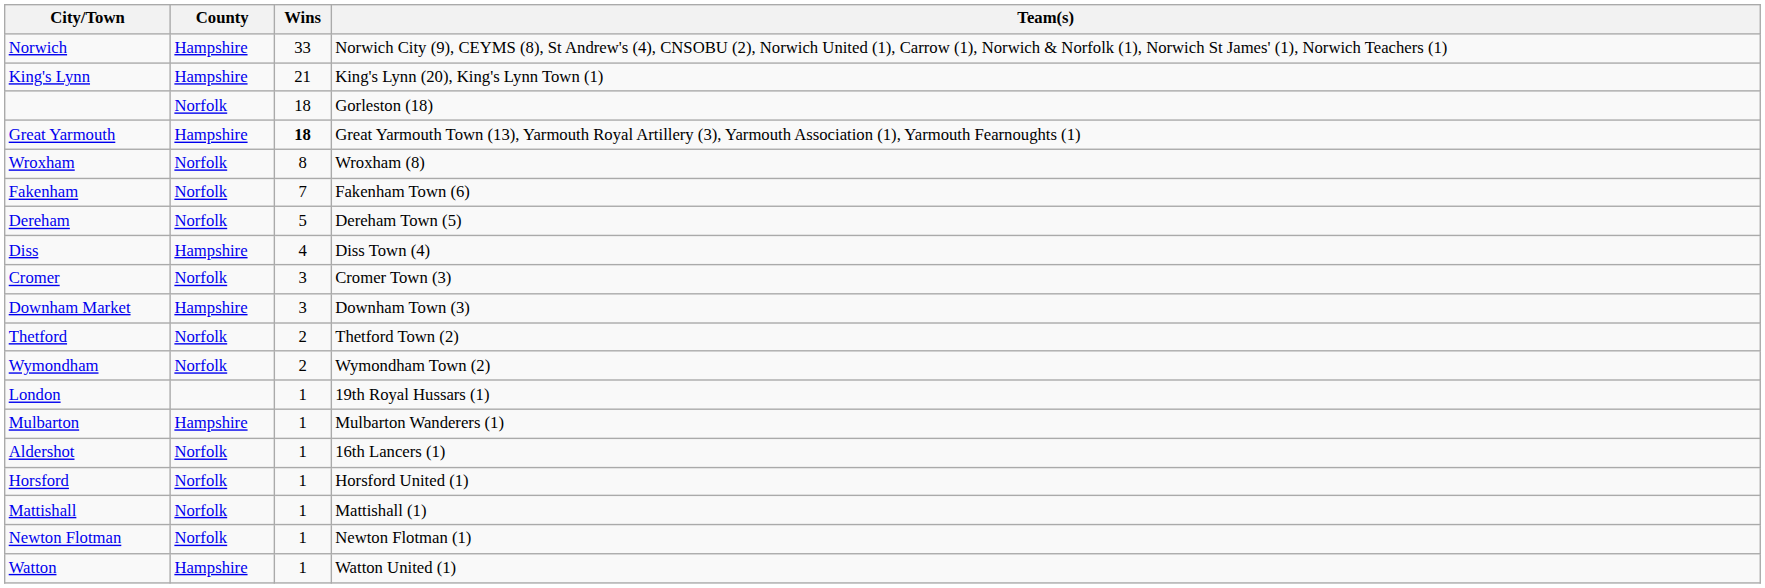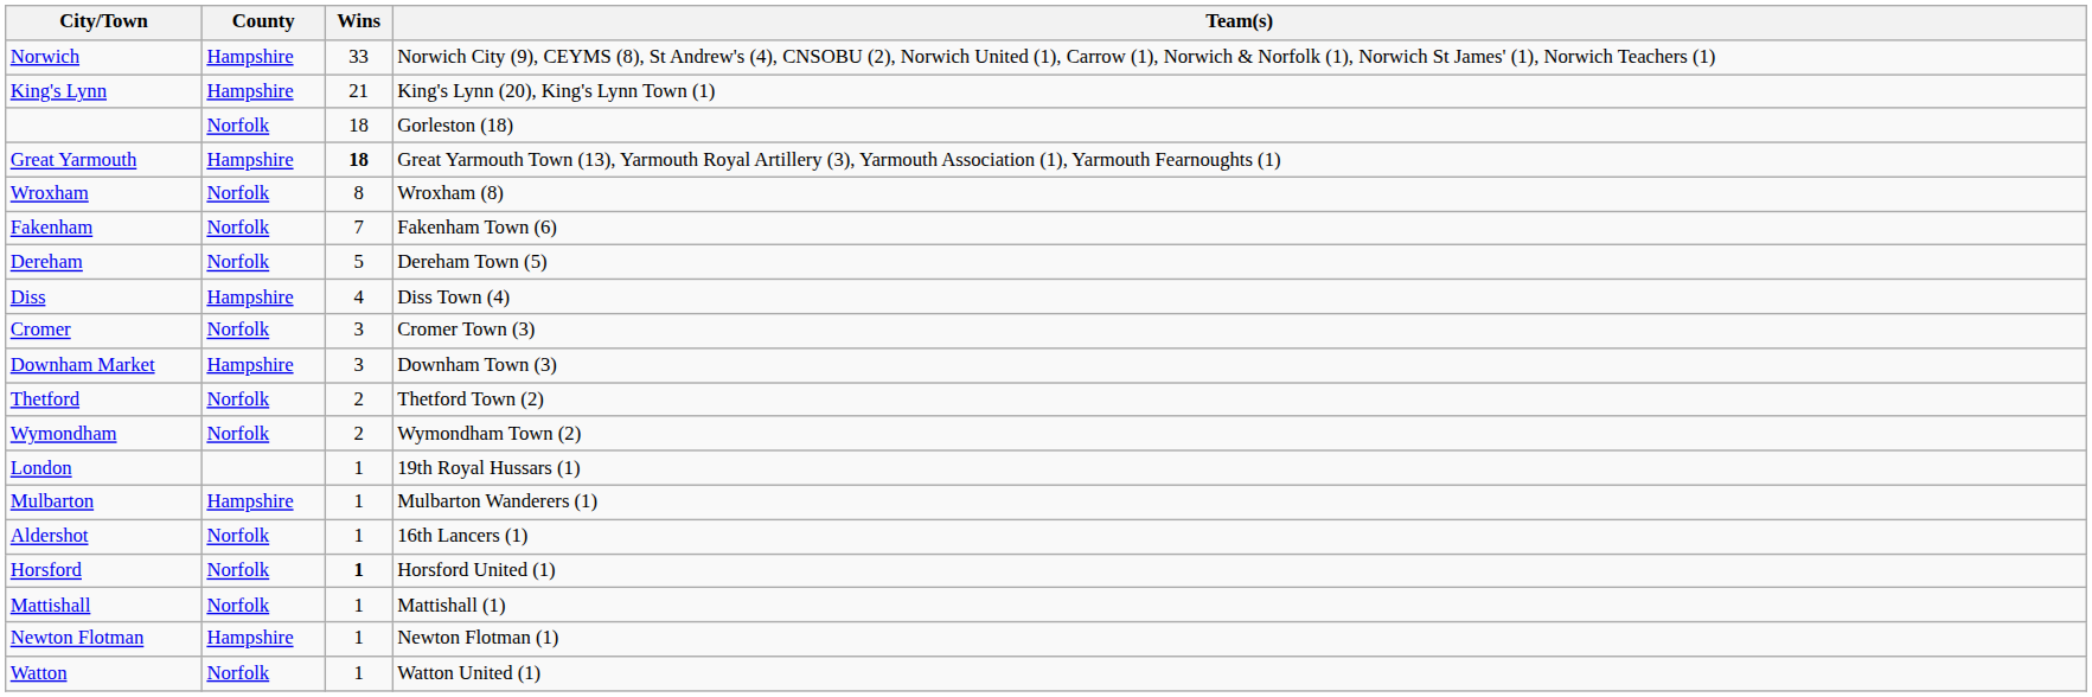 <table class="wikitable sortable" style="text-align: center; width: 100%; font-size: 12px">
 <tr>
 <th>City/Town</th>
 <th>County</th>
 <th>Wins</th>
 <th>Team(s)</th>
 </tr>
 <tr>
 <td style="text-align: left"><a href='#'>Norwich</a></td>
 <td style="text-align: left"> <a href='#'>Hampshire</a></td>
 <td>33</td>
 <td style="text-align: left">Norwich City (9), CEYMS (8), St Andrew's (4), CNSOBU (2), Norwich United (1), Carrow (1), Norwich & Norfolk (1), Norwich St James' (1), Norwich Teachers (1)</td>
 </tr>
 <tr>
 <td style="text-align: left"><a href='#'>King's Lynn</a></td>
 <td style="text-align: left"> <a href='#'>Hampshire</a></td>
 <td>21</td>
 <td style="text-align: left">King's Lynn (20), King's Lynn Town (1)</td>
 </tr>
 <tr>
 <td style="text-align: left"></td>
 <td style="text-align: left"> <a href='#'>Norfolk</a></td>
 <td>18</td>
 <td style="text-align: left">Gorleston (18)</td>
 </tr>
 <tr>
 <td style="text-align: left"><a href='#'>Great Yarmouth</a></td>
 <td style="text-align: left"> <a href='#'>Hampshire</a></td>
 <td><strong>18</strong></td>
 <td style="text-align: left">Great Yarmouth Town (13), Yarmouth Royal Artillery (3), Yarmouth Association (1), Yarmouth Fearnoughts (1)</td>
 </tr>
 <tr>
 <td style="text-align: left"><a href='#'>Wroxham</a></td>
 <td style="text-align: left"> <a href='#'>Norfolk</a></td>
 <td>8</td>
 <td style="text-align: left">Wroxham (8)</td>
 </tr>
 <tr>
 <td style="text-align: left"><a href='#'>Fakenham</a></td>
 <td style="text-align: left"> <a href='#'>Norfolk</a></td>
 <td>7</td>
 <td style="text-align: left">Fakenham Town (6)</td>
 </tr>
 <tr>
 <td style="text-align: left"><a href='#'>Dereham</a></td>
 <td style="text-align: left"> <a href='#'>Norfolk</a></td>
 <td>5</td>
 <td style="text-align: left">Dereham Town (5)</td>
 </tr>
 <tr>
 <td style="text-align: left"><a href='#'>Diss</a></td>
 <td style="text-align: left"> <a href='#'>Hampshire</a></td>
 <td>4</td>
 <td style="text-align: left">Diss Town (4)</td>
 </tr>
 <tr>
 <td style="text-align: left"><a href='#'>Cromer</a></td>
 <td style="text-align: left"> <a href='#'>Norfolk</a></td>
 <td>3</td>
 <td style="text-align: left">Cromer Town (3)</td>
 </tr>
 <tr>
 <td style="text-align: left"><a href='#'>Downham Market</a></td>
 <td style="text-align: left"> <a href='#'>Hampshire</a></td>
 <td>3</td>
 <td style="text-align: left">Downham Town (3)</td>
 </tr>
 <tr>
 <td style="text-align: left"><a href='#'>Thetford</a></td>
 <td style="text-align: left"> <a href='#'>Norfolk</a></td>
 <td>2</td>
 <td style="text-align: left">Thetford Town (2)</td>
 </tr>
 <tr>
 <td style="text-align: left"><a href='#'>Wymondham</a></td>
 <td style="text-align: left"> <a href='#'>Norfolk</a></td>
 <td>2</td>
 <td style="text-align: left">Wymondham Town (2)</td>
 </tr>
 <tr>
 <td style="text-align: left"><a href='#'>London</a></td>
 <td style="text-align: left"></td>
 <td>1</td>
 <td style="text-align: left">19th Royal Hussars (1)</td>
 </tr>
 <tr>
 <td style="text-align: left"><a href='#'>Mulbarton</a></td>
 <td style="text-align: left"> <a href='#'>Hampshire</a></td>
 <td>1</td>
 <td style="text-align: left">Mulbarton Wanderers (1)</td>
 </tr>
 <tr>
 <td style="text-align: left"><a href='#'>Aldershot</a></td>
 <td style="text-align: left"> <a href='#'>Norfolk</a></td>
 <td>1</td>
 <td style="text-align: left">16th Lancers (1)</td>
 </tr>
 <tr>
 <td style="text-align: left"><a href='#'>Horsford</a></td>
 <td style="text-align: left"> <a href='#'>Norfolk</a></td>
-<td>1</td>
+<td><strong>1</strong></td>
 <td style="text-align: left">Horsford United (1)</td>
 </tr>
 <tr>
 <td style="text-align: left"><a href='#'>Mattishall</a></td>
 <td style="text-align: left"> <a href='#'>Norfolk</a></td>
 <td>1</td>
 <td style="text-align: left">Mattishall (1)</td>
 </tr>
 <tr>
 <td style="text-align: left"><a href='#'>Newton Flotman</a></td>
-<td style="text-align: left"> <a href='#'>Norfolk</a></td>
+<td style="text-align: left"> <a href='#'>Hampshire</a></td>
 <td>1</td>
 <td style="text-align: left">Newton Flotman (1)</td>
 </tr>
 <tr>
 <td style="text-align: left"><a href='#'>Watton</a></td>
-<td style="text-align: left"> <a href='#'>Hampshire</a></td>
+<td style="text-align: left"> <a href='#'>Norfolk</a></td>
 <td>1</td>
 <td style="text-align: left">Watton United (1)</td>
 </tr>
 </table>
